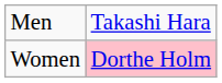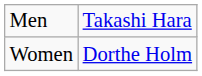 <table class="wikitable">
 <tr>
 <td>Men</td>
 <td> <a href='#'>Takashi Hara</a></td>
 </tr>
 <tr>
 <td>Women</td>
-<td style="background: pink;"> <a href='#'>Dorthe Holm</a></td>
+<td> <a href='#'>Dorthe Holm</a></td>
 </tr>
 </table>
